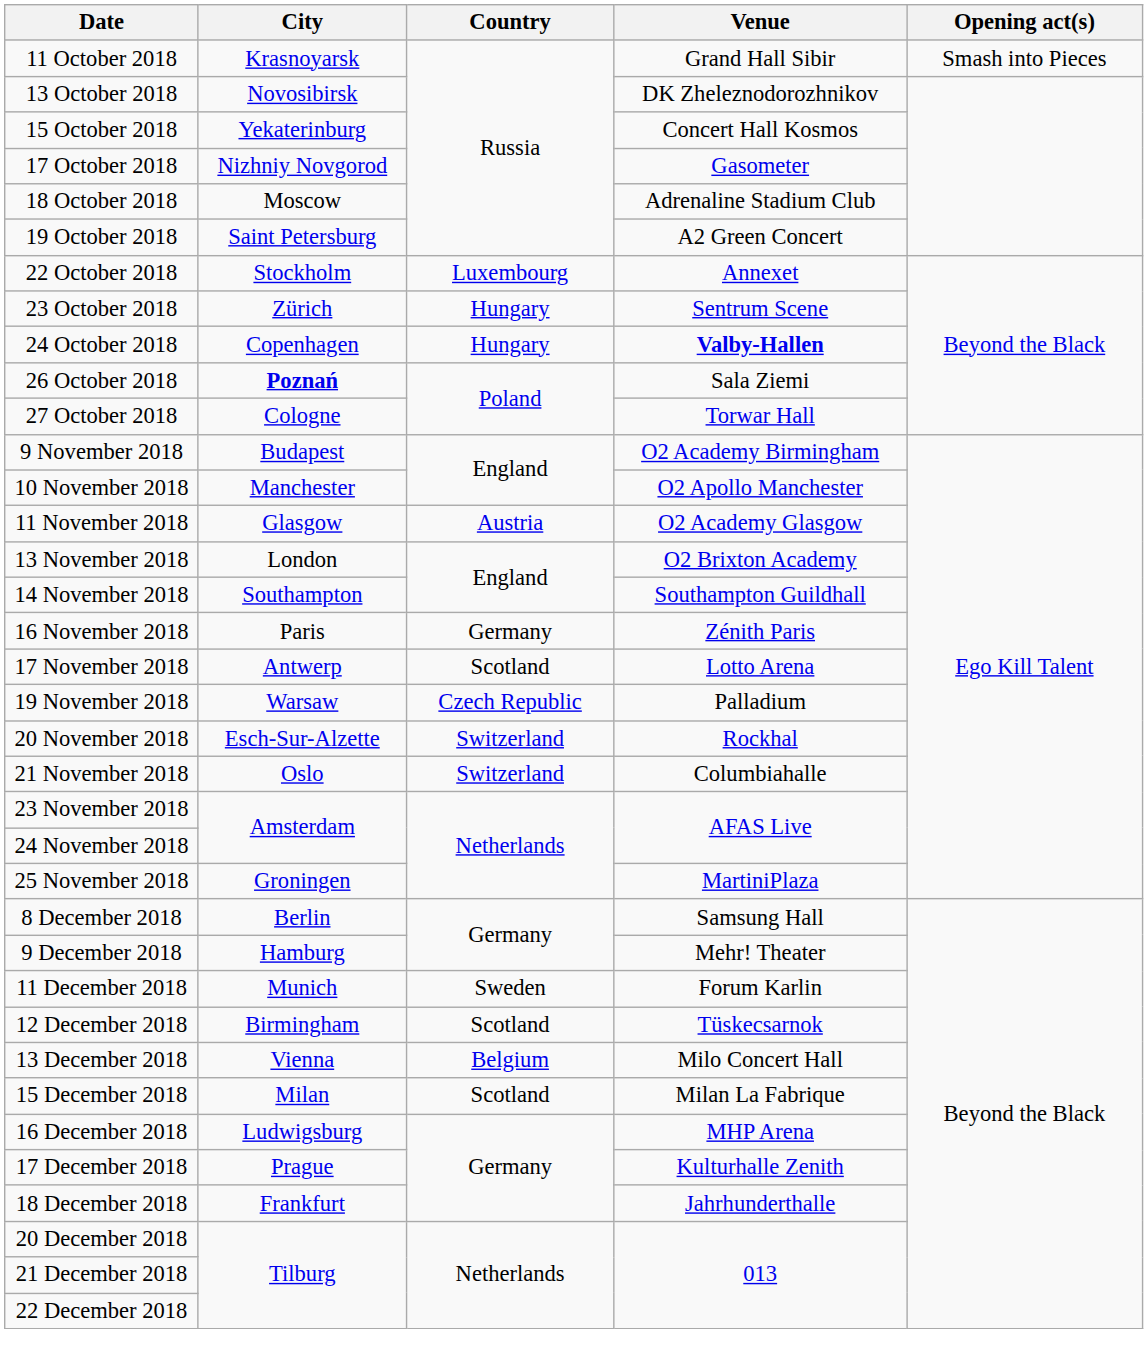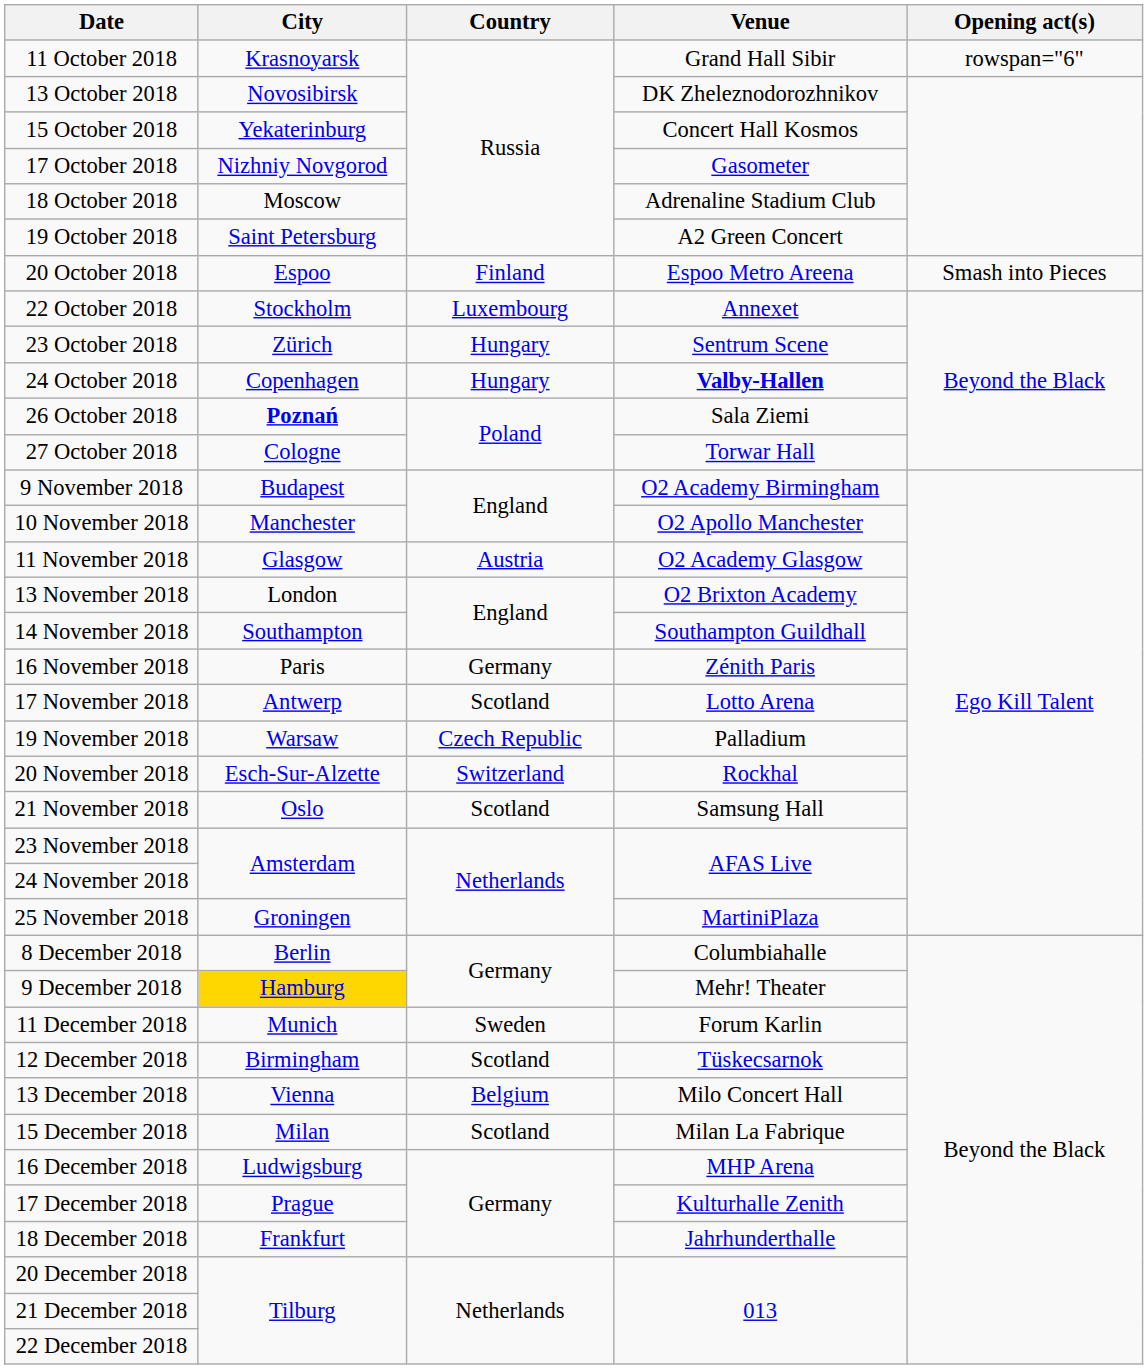 <table class="wikitable" style="text-align:center;">
 <tr>
 <th width="130">Date</th>
 <th width="140">City</th>
 <th width="140">Country</th>
 <th width="200">Venue</th>
 <th width="160">Opening act(s)</th>
 </tr>
 <tr>
 <td>11 October 2018</td>
 <td><a href='#'>Krasnoyarsk</a></td>
 <td rowspan="6">Russia</td>
 <td>Grand Hall Sibir</td>
-<td>Smash into Pieces</td>
+<td>rowspan="6" </td>
 </tr>
 <tr>
 <td>13 October 2018</td>
 <td><a href='#'>Novosibirsk</a></td>
 <td>DK Zheleznodorozhnikov</td>
 </tr>
 <tr>
 <td>15 October 2018</td>
 <td><a href='#'>Yekaterinburg</a></td>
 <td>Concert Hall Kosmos</td>
 </tr>
 <tr>
 <td>17 October 2018</td>
 <td><a href='#'>Nizhniy Novgorod</a></td>
 <td><a href='#'>Gasometer</a></td>
 </tr>
 <tr>
 <td>18 October 2018</td>
 <td>Moscow</td>
 <td>Adrenaline Stadium Club</td>
 </tr>
 <tr>
 <td>19 October 2018</td>
 <td><a href='#'>Saint Petersburg</a></td>
 <td>A2 Green Concert</td>
+</tr>
+<tr>
+<td>20 October 2018</td>
+<td><a href='#'>Espoo</a></td>
+<td><a href='#'>Finland</a></td>
+<td><a href='#'>Espoo Metro Areena</a></td>
+<td>Smash into Pieces</td>
 </tr>
 <tr>
 <td>22 October 2018</td>
 <td><a href='#'>Stockholm</a></td>
 <td><a href='#'>Luxembourg</a></td>
 <td><a href='#'>Annexet</a></td>
 <td rowspan="5"><a href='#'>Beyond the Black</a></td>
 </tr>
 <tr>
 <td>23 October 2018</td>
 <td><a href='#'>Zürich</a></td>
 <td><a href='#'>Hungary</a></td>
 <td><a href='#'>Sentrum Scene</a></td>
 </tr>
 <tr>
 <td>24 October 2018</td>
 <td><a href='#'>Copenhagen</a></td>
 <td><a href='#'>Hungary</a></td>
 <td><strong><a href='#'>Valby-Hallen</a></strong></td>
 </tr>
 <tr>
 <td>26 October 2018</td>
 <td><strong><a href='#'>Poznań</a></strong></td>
 <td rowspan="2"><a href='#'>Poland</a></td>
 <td>Sala Ziemi</td>
 </tr>
 <tr>
 <td>27 October 2018</td>
 <td><a href='#'>Cologne</a></td>
 <td><a href='#'>Torwar Hall</a></td>
 </tr>
 <tr>
 <td>9 November 2018</td>
 <td><a href='#'>Budapest</a></td>
 <td rowspan="2">England</td>
 <td><a href='#'>O2 Academy Birmingham</a></td>
 <td rowspan="13"><a href='#'>Ego Kill Talent</a></td>
 </tr>
 <tr>
 <td>10 November 2018</td>
 <td><a href='#'>Manchester</a></td>
 <td><a href='#'>O2 Apollo Manchester</a></td>
 </tr>
 <tr>
 <td>11 November 2018</td>
 <td><a href='#'>Glasgow</a></td>
 <td><a href='#'>Austria</a></td>
 <td><a href='#'>O2 Academy Glasgow</a></td>
 </tr>
 <tr>
 <td>13 November 2018</td>
 <td>London</td>
 <td rowspan="2">England</td>
 <td><a href='#'>O2 Brixton Academy</a></td>
 </tr>
 <tr>
 <td>14 November 2018</td>
 <td><a href='#'>Southampton</a></td>
 <td><a href='#'>Southampton Guildhall</a></td>
 </tr>
 <tr>
 <td>16 November 2018</td>
 <td>Paris</td>
 <td>Germany</td>
 <td><a href='#'>Zénith Paris</a></td>
 </tr>
 <tr>
 <td>17 November 2018</td>
 <td><a href='#'>Antwerp</a></td>
 <td>Scotland</td>
 <td><a href='#'>Lotto Arena</a></td>
 </tr>
 <tr>
 <td>19 November 2018</td>
 <td><a href='#'>Warsaw</a></td>
 <td><a href='#'>Czech Republic</a></td>
 <td>Palladium</td>
 </tr>
 <tr>
 <td>20 November 2018</td>
 <td><a href='#'>Esch-Sur-Alzette</a></td>
 <td><a href='#'>Switzerland</a></td>
 <td><a href='#'>Rockhal</a></td>
 </tr>
 <tr>
 <td>21 November 2018</td>
 <td><a href='#'>Oslo</a></td>
-<td><a href='#'>Switzerland</a></td>
-<td>Columbiahalle</td>
+<td>Scotland</td>
+<td>Samsung Hall</td>
 </tr>
 <tr>
 <td>23 November 2018</td>
 <td rowspan="2"><a href='#'>Amsterdam</a></td>
 <td rowspan="3"><a href='#'>Netherlands</a></td>
 <td rowspan="2"><a href='#'>AFAS Live</a></td>
 </tr>
 <tr>
 <td>24 November 2018</td>
 </tr>
 <tr>
 <td>25 November 2018</td>
 <td><a href='#'>Groningen</a></td>
 <td><a href='#'>MartiniPlaza</a></td>
 </tr>
 <tr>
 <td>8 December 2018</td>
 <td><a href='#'>Berlin</a></td>
 <td rowspan="2">Germany</td>
-<td>Samsung Hall</td>
+<td>Columbiahalle</td>
 <td rowspan="12">Beyond the Black</td>
 </tr>
 <tr>
 <td>9 December 2018</td>
-<td><a href='#'>Hamburg</a></td>
+<td style="background: gold;"><a href='#'>Hamburg</a></td>
 <td>Mehr! Theater</td>
 </tr>
 <tr>
 <td>11 December 2018</td>
 <td><a href='#'>Munich</a></td>
 <td>Sweden</td>
 <td>Forum Karlin</td>
 </tr>
 <tr>
 <td>12 December 2018</td>
 <td><a href='#'>Birmingham</a></td>
 <td>Scotland</td>
 <td><a href='#'>Tüskecsarnok</a></td>
 </tr>
 <tr>
 <td>13 December 2018</td>
 <td><a href='#'>Vienna</a></td>
 <td><a href='#'>Belgium</a></td>
 <td>Milo Concert Hall</td>
 </tr>
 <tr>
 <td>15 December 2018</td>
 <td><a href='#'>Milan</a></td>
 <td>Scotland</td>
 <td>Milan La Fabrique</td>
 </tr>
 <tr>
 <td>16 December 2018</td>
 <td><a href='#'>Ludwigsburg</a></td>
 <td rowspan="3">Germany</td>
 <td><a href='#'>MHP Arena</a></td>
 </tr>
 <tr>
 <td>17 December 2018</td>
 <td><a href='#'>Prague</a></td>
 <td><a href='#'>Kulturhalle Zenith</a></td>
 </tr>
 <tr>
 <td>18 December 2018</td>
 <td><a href='#'>Frankfurt</a></td>
 <td><a href='#'>Jahrhunderthalle</a></td>
 </tr>
 <tr>
 <td>20 December 2018</td>
 <td rowspan="3"><a href='#'>Tilburg</a></td>
 <td rowspan="3">Netherlands</td>
 <td rowspan="3"><a href='#'>013</a></td>
 </tr>
 <tr>
 <td>21 December 2018</td>
 </tr>
 <tr>
 <td>22 December 2018</td>
 </tr>
 </table>
